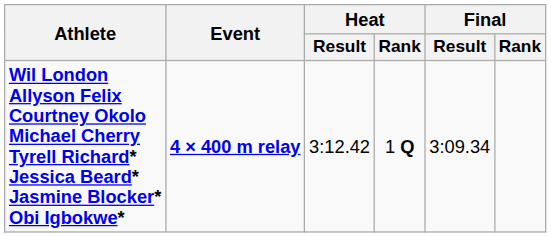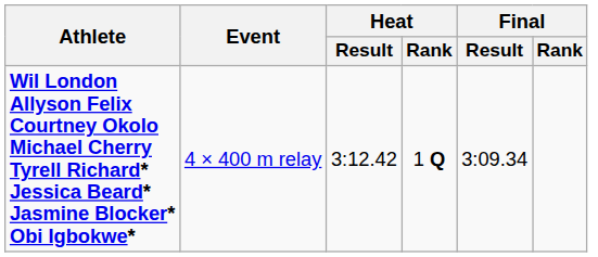 <table class=wikitable style=font-size:90%>
 <tr>
 <th rowspan=2>Athlete</th>
 <th rowspan=2>Event</th>
 <th colspan=2>Heat</th>
 <th colspan=2>Final</th>
 </tr>
 <tr style=font-size:95%>
 <th>Result</th>
 <th>Rank</th>
 <th>Result</th>
 <th>Rank</th>
 </tr>
 <tr align=center>
 <td align=left><strong><a href='#'>Wil London</a><br><a href='#'>Allyson Felix</a><br><a href='#'>Courtney Okolo</a><br><a href='#'>Michael Cherry</a><br><a href='#'>Tyrell Richard</a>*<br><a href='#'>Jessica Beard</a>*<br><a href='#'>Jasmine Blocker</a>*<br><a href='#'>Obi Igbokwe</a>*</strong></td>
-<td align=left><strong><a href='#'>4 × 400 m relay</a></strong></td>
+<td align=left><a href='#'>4 × 400 m relay</a></td>
 <td>3:12.42 <strong></strong></td>
 <td>1 <strong>Q</strong></td>
 <td>3:09.34 <strong></strong></td>
 <td></td>
 </tr>
 </table>
